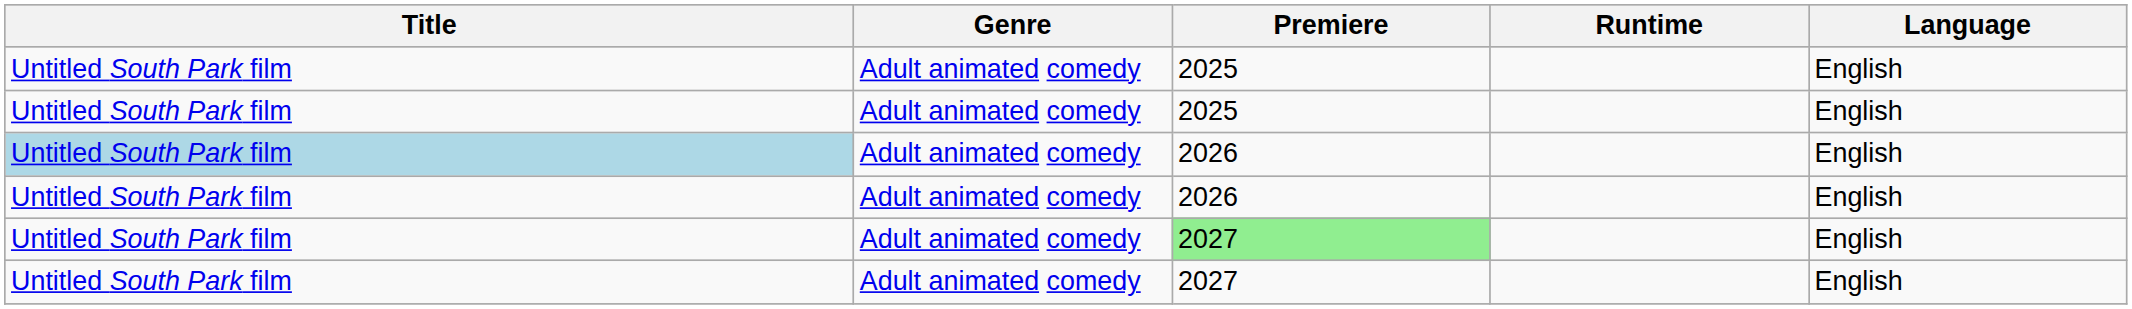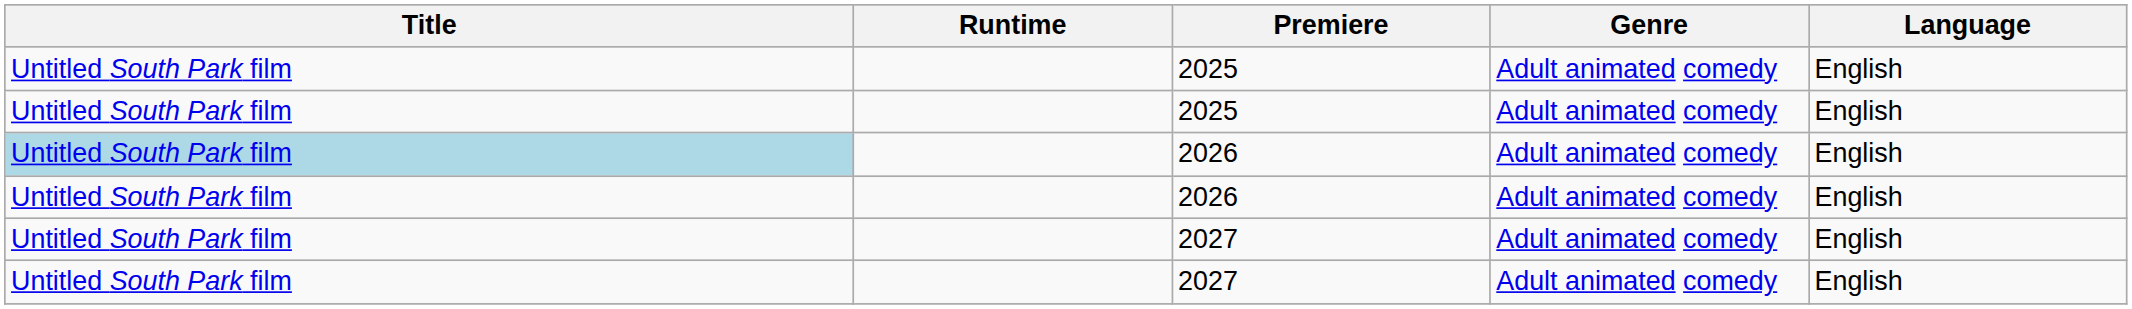 <table class="wikitable sortable" style="width:100%;">
 <tr>
 <th style="width:40%;">Title</th>
+<th style="width:15%;">Runtime</th>
+<th style="width:15%;">Premiere</th>
 <th style="width:15%;">Genre</th>
-<th style="width:15%;">Premiere</th>
-<th style="width:15%;">Runtime</th>
 <th style="width:15%;">Language</th>
 </tr>
 <tr>
 <td><a href='#'>Untitled <em>South Park</em> film</a></td>
+<td></td>
+<td>2025</td>
 <td><a href='#'>Adult animated</a> <a href='#'>comedy</a></td>
-<td>2025</td>
-<td></td>
 <td>English</td>
 </tr>
 <tr>
 <td><a href='#'>Untitled <em>South Park</em> film</a></td>
+<td></td>
+<td>2025</td>
 <td><a href='#'>Adult animated</a> <a href='#'>comedy</a></td>
-<td>2025</td>
-<td></td>
 <td>English</td>
 </tr>
 <tr>
 <td style="background: lightblue;"><a href='#'>Untitled <em>South Park</em> film</a></td>
+<td></td>
+<td>2026</td>
 <td><a href='#'>Adult animated</a> <a href='#'>comedy</a></td>
-<td>2026</td>
-<td></td>
 <td>English</td>
 </tr>
 <tr>
 <td><a href='#'>Untitled <em>South Park</em> film</a></td>
+<td></td>
+<td>2026</td>
 <td><a href='#'>Adult animated</a> <a href='#'>comedy</a></td>
-<td>2026</td>
-<td></td>
 <td>English</td>
 </tr>
 <tr>
 <td><a href='#'>Untitled <em>South Park</em> film</a></td>
+<td></td>
+<td>2027</td>
 <td><a href='#'>Adult animated</a> <a href='#'>comedy</a></td>
-<td style="background: lightgreen;">2027</td>
-<td></td>
 <td>English</td>
 </tr>
 <tr>
 <td><a href='#'>Untitled <em>South Park</em> film</a></td>
+<td></td>
+<td>2027</td>
 <td><a href='#'>Adult animated</a> <a href='#'>comedy</a></td>
-<td>2027</td>
-<td></td>
 <td>English</td>
 </tr>
 </table>
